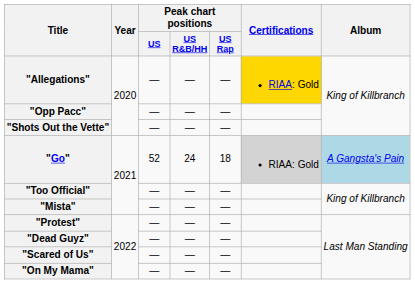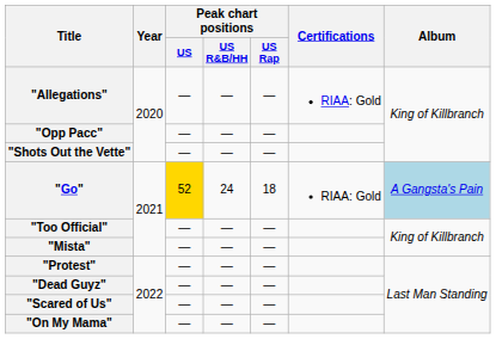 <table class="wikitable plainrowheaders" style="text-align:center;">
 <tr>
 <th rowspan="2">Title</th>
 <th rowspan="2">Year</th>
 <th colspan="3">Peak chart positions</th>
 <th rowspan="2"><a href='#'>Certifications</a></th>
 <th rowspan="2">Album</th>
 </tr>
 <tr>
 <th scope="col" style="width:3em;font-size:90%;"><a href='#'>US</a><br></th>
 <th scope="col" style="width:3em;font-size:90%;"><a href='#'>US<br>R&B/HH</a><br></th>
 <th scope="col" style="width:3em;font-size:90%;"><a href='#'>US<br>Rap</a><br></th>
 </tr>
 <tr>
 <th scope="row">"Allegations"<br></th>
 <td rowspan="3">2020</td>
 <td>—</td>
 <td>—</td>
 <td>—</td>
-<td style="background: gold;"><br><ul><li><a href='#'>RIAA</a>: Gold</li></ul></td>
+<td><br><ul><li><a href='#'>RIAA</a>: Gold</li></ul></td>
 <td rowspan="3"><em>King of Killbranch</em></td>
 </tr>
 <tr>
 <th scope="row">"Opp Pacc"</th>
 <td>—</td>
 <td>—</td>
 <td>—</td>
 <td></td>
 </tr>
 <tr>
 <th scope="row">"Shots Out the Vette"</th>
 <td>—</td>
 <td>—</td>
 <td>—</td>
 <td></td>
 </tr>
 <tr>
 <th scope="row">"<a href='#'>Go</a>"<br></th>
 <td rowspan="3">2021</td>
-<td>52</td>
+<td style="background: gold;">52</td>
 <td>24</td>
 <td>18</td>
-<td style="background: lightgrey;"><br><ul><li>RIAA: Gold</li></ul></td>
+<td><br><ul><li>RIAA: Gold</li></ul></td>
 <td style="background: lightblue;"><em><a href='#'>A Gangsta's Pain</a></em></td>
 </tr>
 <tr>
 <th scope="row">"Too Official"<br></th>
 <td>—</td>
 <td>—</td>
 <td>—</td>
 <td></td>
 <td rowspan="2"><em>King of Killbranch</em></td>
 </tr>
 <tr>
 <th scope="row">"Mista"</th>
 <td>—</td>
 <td>—</td>
 <td>—</td>
 <td></td>
 </tr>
 <tr>
 <th scope="row">"Protest"</th>
 <td rowspan="4">2022</td>
 <td>—</td>
 <td>—</td>
 <td>—</td>
 <td></td>
 <td rowspan="4"><em>Last Man Standing</em></td>
 </tr>
 <tr>
 <th scope="row">"Dead Guyz"</th>
 <td>—</td>
 <td>—</td>
 <td>—</td>
 <td></td>
 </tr>
 <tr>
 <th scope="row">"Scared of Us"<br></th>
 <td>—</td>
 <td>—</td>
 <td>—</td>
 <td></td>
 </tr>
 <tr>
 <th scope="row">"On My Mama"</th>
 <td>—</td>
 <td>—</td>
 <td>—</td>
 <td></td>
 </tr>
 </table>
